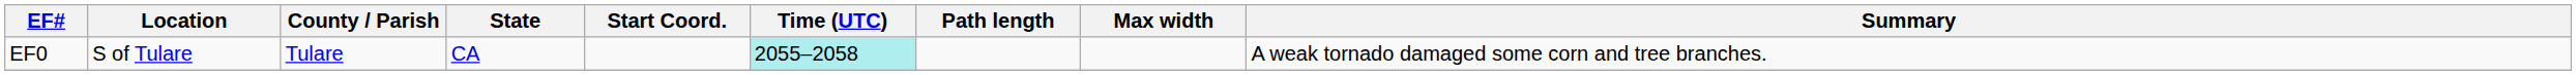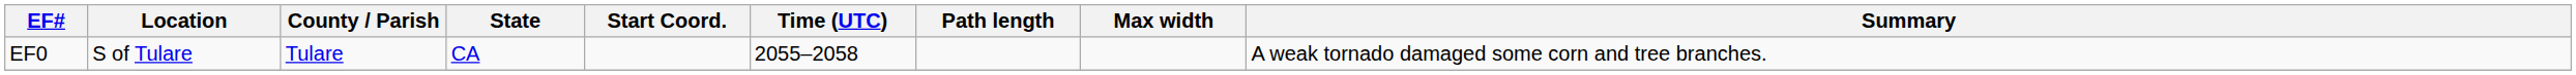 <table class="wikitable sortable" style="width:100%;">
 <tr>
 <th scope="col" width="3%" align="center"><a href='#'>EF#</a></th>
 <th scope="col" width="7%" align="center" class="unsortable">Location</th>
 <th scope="col" width="6%" align="center" class="unsortable">County / Parish</th>
 <th scope="col" width="5%" align="center">State</th>
 <th scope="col" width="6%" align="center">Start Coord.</th>
 <th scope="col" width="6%" align="center">Time (<a href='#'>UTC</a>)</th>
 <th scope="col" width="6%" align="center">Path length</th>
 <th scope="col" width="6%" align="center">Max width</th>
 <th scope="col" width="48%" class="unsortable" align="center">Summary</th>
 </tr>
 <tr>
 <td>EF0</td>
 <td>S of <a href='#'>Tulare</a></td>
 <td><a href='#'>Tulare</a></td>
 <td><a href='#'>CA</a></td>
 <td></td>
-<td style="background: paleturquoise;">2055–2058</td>
+<td>2055–2058</td>
 <td></td>
 <td></td>
 <td>A weak tornado damaged some corn and tree branches.</td>
 </tr>
 <tr>
 </tr>
 </table>
